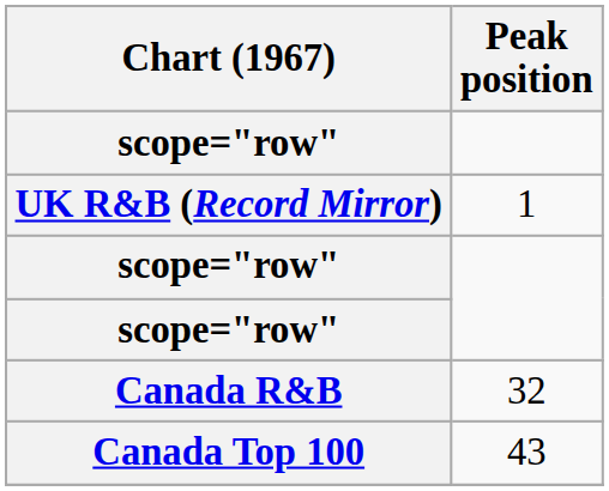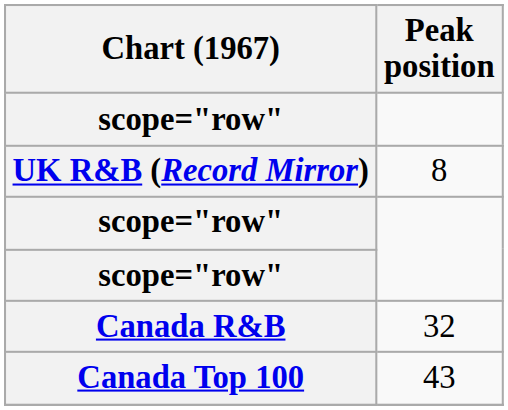 <table class="wikitable sortable plainrowheaders">
 <tr>
 <th scope="col">Chart (1967)</th>
 <th scope="col">Peak<br>position</th>
 </tr>
 <tr>
 <th>scope="row" </th>
 </tr>
 <tr>
 <th scope="row"><a href='#'>UK R&B</a> (<em><a href='#'>Record Mirror</a></em>)</th>
-<td align="center">1</td>
+<td align="center">8</td>
 </tr>
 <tr>
 <th>scope="row" </th>
 </tr>
 <tr>
 <th>scope="row" </th>
 </tr>
 <tr>
 <th scope="row"><a href='#'>Canada R&B</a></th>
 <td align="center">32</td>
 </tr>
 <tr>
 <th scope="row"><a href='#'>Canada Top 100</a></th>
 <td align="center">43</td>
 </tr>
 <tr>
 </tr>
 </table>
